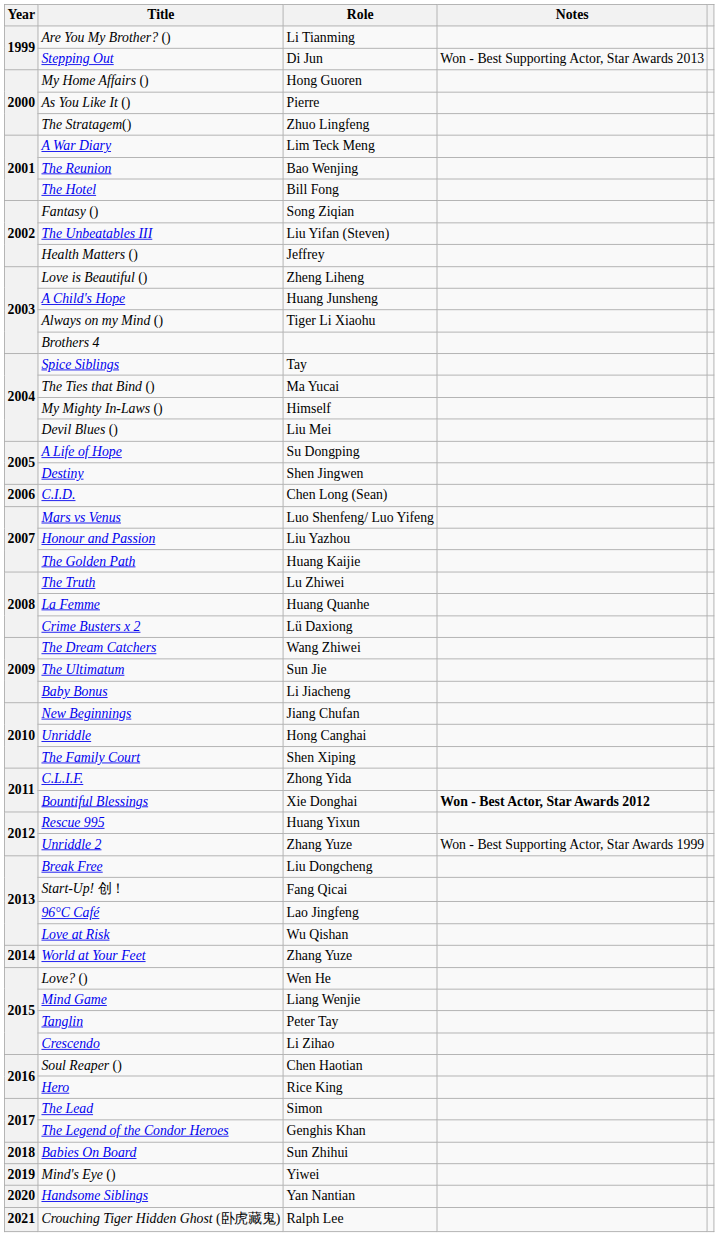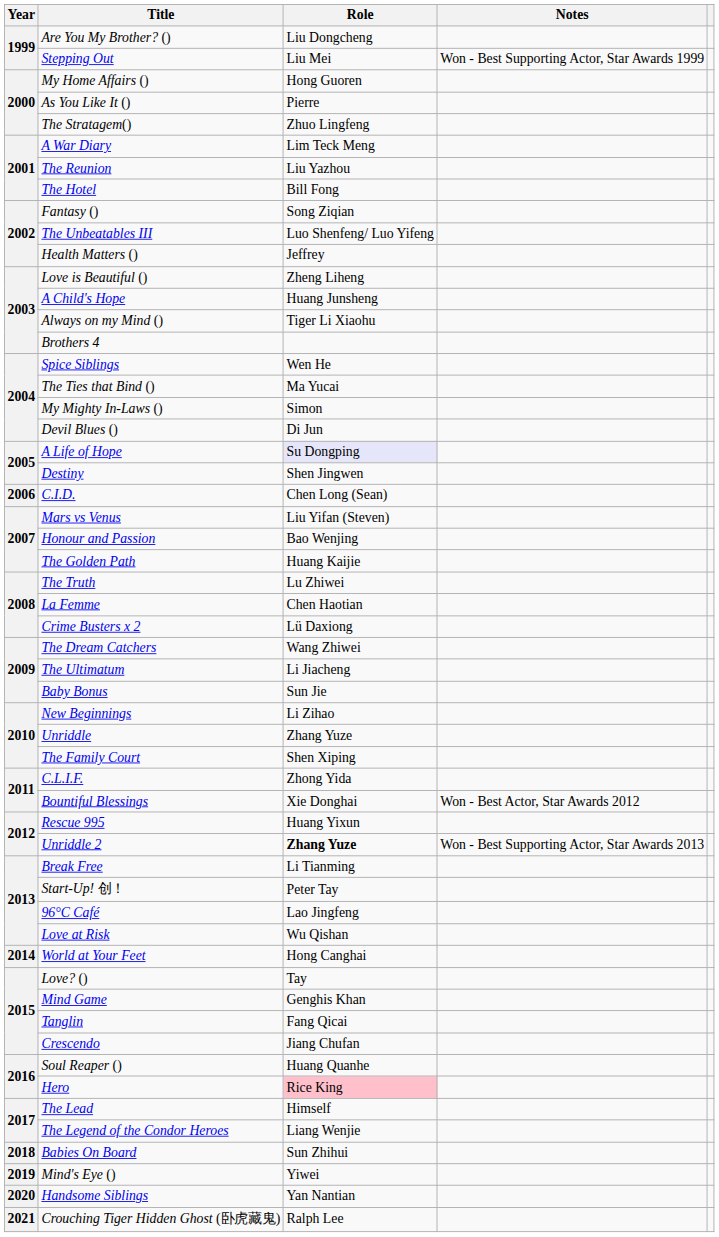 <table class="wikitable sortable plainrowheaders">
 <tr>
 <th scope="col">Year</th>
 <th scope="col">Title</th>
 <th scope="col">Role</th>
 <th scope="col" class="unsortable">Notes</th>
 <th scope="col" class="unsortable"></th>
 </tr>
 <tr>
 <th scope="row" rowspan="2">1999</th>
 <td><em>Are You My Brother?</em> ()</td>
-<td>Li Tianming</td>
+<td>Liu Dongcheng</td>
 <td></td>
 <td></td>
 </tr>
 <tr>
 <td><em><a href='#'>Stepping Out</a></em></td>
-<td>Di Jun</td>
-<td>Won - Best Supporting Actor, Star Awards 2013</td>
+<td>Liu Mei</td>
+<td>Won - Best Supporting Actor, Star Awards 1999</td>
 <td></td>
 </tr>
 <tr>
 <th scope="row" rowspan="3">2000</th>
 <td><em>My Home Affairs</em> ()</td>
 <td>Hong Guoren</td>
 <td></td>
 <td></td>
 </tr>
 <tr>
 <td><em>As You Like It</em> ()</td>
 <td>Pierre</td>
 <td></td>
 <td></td>
 </tr>
 <tr>
 <td><em>The Stratagem</em>()</td>
 <td>Zhuo Lingfeng</td>
 <td></td>
 <td></td>
 </tr>
 <tr>
 <th scope="row" rowspan="3">2001</th>
 <td><em><a href='#'>A War Diary</a></em></td>
 <td>Lim Teck Meng</td>
 <td></td>
 <td></td>
 </tr>
 <tr>
 <td><em><a href='#'>The Reunion</a></em></td>
-<td>Bao Wenjing</td>
+<td>Liu Yazhou</td>
 <td></td>
 <td></td>
 </tr>
 <tr>
 <td><em><a href='#'>The Hotel</a></em></td>
 <td>Bill Fong</td>
 <td></td>
 <td></td>
 </tr>
 <tr>
 <th scope="row" rowspan="3">2002</th>
 <td><em>Fantasy</em> ()</td>
 <td>Song Ziqian</td>
 <td></td>
 <td></td>
 </tr>
 <tr>
 <td><em><a href='#'>The Unbeatables III</a></em></td>
-<td>Liu Yifan (Steven)</td>
+<td>Luo Shenfeng/ Luo Yifeng</td>
 <td></td>
 <td></td>
 </tr>
 <tr>
 <td><em>Health Matters</em> ()</td>
 <td>Jeffrey</td>
 <td></td>
 <td></td>
 </tr>
 <tr>
 <th scope="row" rowspan="4">2003</th>
 <td><em>Love is Beautiful</em> ()</td>
 <td>Zheng Liheng</td>
 <td></td>
 <td></td>
 </tr>
 <tr>
 <td><em><a href='#'>A Child's Hope</a></em></td>
 <td>Huang Junsheng</td>
 <td></td>
 <td></td>
 </tr>
 <tr>
 <td><em>Always on my Mind</em> ()</td>
 <td>Tiger Li Xiaohu</td>
 <td></td>
 <td></td>
 </tr>
 <tr>
 <td><em>Brothers 4</em></td>
 <td></td>
 <td></td>
 <td></td>
 </tr>
 <tr>
 <th scope="row" rowspan="4">2004</th>
 <td><em><a href='#'>Spice Siblings</a></em></td>
-<td>Tay</td>
+<td>Wen He</td>
 <td></td>
 <td></td>
 </tr>
 <tr>
 <td><em>The Ties that Bind</em> ()</td>
 <td>Ma Yucai</td>
 <td></td>
 <td></td>
 </tr>
 <tr>
 <td><em>My Mighty In-Laws</em> ()</td>
-<td>Himself</td>
+<td>Simon</td>
 <td></td>
 <td></td>
 </tr>
 <tr>
 <td><em>Devil Blues</em> ()</td>
-<td>Liu Mei</td>
+<td>Di Jun</td>
 <td></td>
 <td></td>
 </tr>
 <tr>
 <th scope="row" rowspan="2">2005</th>
 <td><em><a href='#'>A Life of Hope</a></em></td>
-<td>Su Dongping</td>
+<td style="background: lavender;">Su Dongping</td>
 <td></td>
 <td></td>
 </tr>
 <tr>
 <td><em><a href='#'>Destiny</a></em></td>
 <td>Shen Jingwen</td>
 <td></td>
 <td></td>
 </tr>
 <tr>
 <th scope="row" rowspan="1">2006</th>
 <td><em><a href='#'>C.I.D.</a></em></td>
 <td>Chen Long (Sean)</td>
 <td></td>
 <td></td>
 </tr>
 <tr>
 <th scope="row" rowspan="3">2007</th>
 <td><em><a href='#'>Mars vs Venus</a></em></td>
-<td>Luo Shenfeng/ Luo Yifeng</td>
+<td>Liu Yifan (Steven)</td>
 <td></td>
 <td></td>
 </tr>
 <tr>
 <td><em><a href='#'>Honour and Passion</a></em></td>
-<td>Liu Yazhou</td>
+<td>Bao Wenjing</td>
 <td></td>
 <td></td>
 </tr>
 <tr>
 <td><em><a href='#'>The Golden Path</a></em></td>
 <td>Huang Kaijie</td>
 <td></td>
 <td></td>
 </tr>
 <tr>
 <th scope="row" rowspan="3">2008</th>
 <td><em><a href='#'>The Truth</a></em></td>
 <td>Lu Zhiwei</td>
 <td></td>
 <td></td>
 </tr>
 <tr>
 <td><em><a href='#'>La Femme</a></em></td>
-<td>Huang Quanhe</td>
+<td>Chen Haotian</td>
 <td></td>
 <td></td>
 </tr>
 <tr>
 <td><em><a href='#'>Crime Busters x 2</a></em></td>
 <td>Lü Daxiong</td>
 <td></td>
 <td></td>
 </tr>
 <tr>
 <th scope="row" rowspan="3">2009</th>
 <td><em><a href='#'>The Dream Catchers</a></em></td>
 <td>Wang Zhiwei</td>
 <td></td>
 <td></td>
 </tr>
 <tr>
 <td><em><a href='#'>The Ultimatum</a></em></td>
-<td>Sun Jie</td>
+<td>Li Jiacheng</td>
 <td></td>
 <td></td>
 </tr>
 <tr>
 <td><em><a href='#'>Baby Bonus</a></em></td>
-<td>Li Jiacheng</td>
+<td>Sun Jie</td>
 <td></td>
 <td></td>
 </tr>
 <tr>
 <th scope="row" rowspan="3">2010</th>
 <td><em><a href='#'>New Beginnings</a></em></td>
-<td>Jiang Chufan</td>
+<td>Li Zihao</td>
 <td></td>
 <td></td>
 </tr>
 <tr>
 <td><em><a href='#'>Unriddle</a></em></td>
-<td>Hong Canghai</td>
+<td>Zhang Yuze</td>
 <td></td>
 <td></td>
 </tr>
 <tr>
 <td><em><a href='#'>The Family Court</a></em></td>
 <td>Shen Xiping</td>
 <td></td>
 <td></td>
 </tr>
 <tr>
 <th scope="row" rowspan="2">2011</th>
 <td><em><a href='#'>C.L.I.F.</a></em></td>
 <td>Zhong Yida</td>
 <td></td>
 <td></td>
 </tr>
 <tr>
 <td><em><a href='#'>Bountiful Blessings</a></em></td>
 <td>Xie Donghai</td>
-<td><strong>Won - Best Actor, Star Awards 2012</strong></td>
+<td>Won - Best Actor, Star Awards 2012</td>
 <td></td>
 </tr>
 <tr>
 <th scope="row" rowspan="2">2012</th>
 <td><em><a href='#'>Rescue 995</a></em></td>
 <td>Huang Yixun</td>
 <td></td>
 <td></td>
 </tr>
 <tr>
 <td><em><a href='#'>Unriddle 2</a></em></td>
-<td>Zhang Yuze</td>
-<td>Won - Best Supporting Actor, Star Awards 1999</td>
+<td><strong>Zhang Yuze</strong></td>
+<td>Won - Best Supporting Actor, Star Awards 2013</td>
 <td></td>
 </tr>
 <tr>
 <th scope="row" rowspan="4">2013</th>
 <td><em><a href='#'>Break Free</a></em></td>
-<td>Liu Dongcheng</td>
+<td>Li Tianming</td>
 <td></td>
 <td></td>
 </tr>
 <tr>
 <td><em>Start-Up!</em>  创！</td>
-<td>Fang Qicai</td>
+<td>Peter Tay</td>
 <td></td>
 <td></td>
 </tr>
 <tr>
 <td><em><a href='#'>96°C Café</a></em></td>
 <td>Lao Jingfeng</td>
 <td></td>
 <td></td>
 </tr>
 <tr>
 <td><em><a href='#'>Love at Risk</a></em></td>
 <td>Wu Qishan</td>
 <td></td>
 <td></td>
 </tr>
 <tr>
 <th scope="row" rowspan="1">2014</th>
 <td><em><a href='#'>World at Your Feet</a></em></td>
-<td>Zhang Yuze</td>
+<td>Hong Canghai</td>
 <td></td>
 <td></td>
 </tr>
 <tr>
 <th scope="row" rowspan="4">2015</th>
 <td><em>Love?</em> ()</td>
-<td>Wen He</td>
+<td>Tay</td>
 <td></td>
 <td></td>
 </tr>
 <tr>
 <td><em><a href='#'>Mind Game</a></em></td>
-<td>Liang Wenjie</td>
+<td>Genghis Khan</td>
 <td></td>
 <td></td>
 </tr>
 <tr>
 <td><em><a href='#'>Tanglin</a></em></td>
-<td>Peter Tay</td>
+<td>Fang Qicai</td>
 <td></td>
 <td></td>
 </tr>
 <tr>
 <td><em><a href='#'>Crescendo</a></em></td>
-<td>Li Zihao</td>
+<td>Jiang Chufan</td>
 <td></td>
 <td></td>
 </tr>
 <tr>
 <th scope="row" rowspan="2">2016</th>
 <td><em>Soul Reaper</em> ()</td>
-<td>Chen Haotian</td>
+<td>Huang Quanhe</td>
 <td></td>
 <td></td>
 </tr>
 <tr>
 <td><em><a href='#'>Hero</a></em></td>
-<td>Rice King</td>
+<td style="background: pink;">Rice King</td>
 <td></td>
 <td></td>
 </tr>
 <tr>
 <th scope="row" rowspan="2">2017</th>
 <td><em><a href='#'>The Lead</a></em></td>
-<td>Simon</td>
+<td>Himself</td>
 <td></td>
 <td></td>
 </tr>
 <tr>
 <td><a href='#'><em>The Legend of the Condor Heroes</em></a></td>
-<td>Genghis Khan</td>
+<td>Liang Wenjie</td>
 <td></td>
 <td></td>
 </tr>
 <tr>
 <th scope="row">2018</th>
 <td><em><a href='#'>Babies On Board</a></em></td>
 <td>Sun Zhihui</td>
 <td></td>
 <td></td>
 </tr>
 <tr>
 <th scope="row">2019</th>
 <td><em>Mind's Eye</em> ()</td>
 <td>Yiwei</td>
 <td></td>
 <td></td>
 </tr>
 <tr>
 <th scope="row">2020</th>
 <td><em><a href='#'>Handsome Siblings</a></em></td>
 <td>Yan Nantian</td>
 <td></td>
 <td></td>
 </tr>
 <tr>
 <th scope="row">2021</th>
 <td><em>Crouching Tiger Hidden Ghost</em> (卧虎藏鬼)</td>
 <td>Ralph Lee</td>
 <td></td>
 <td></td>
 </tr>
 </table>
